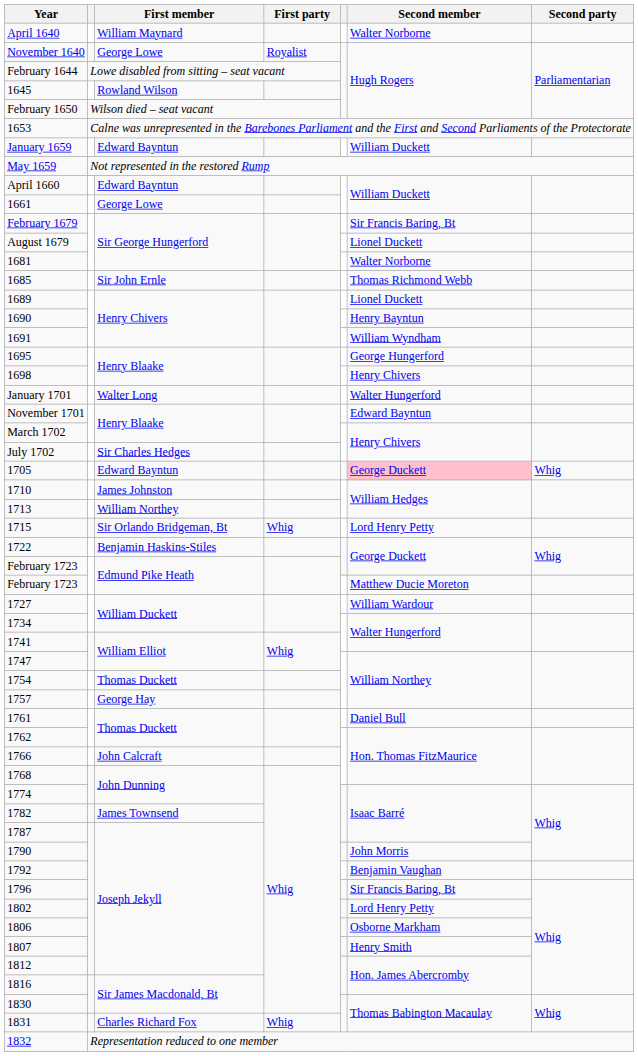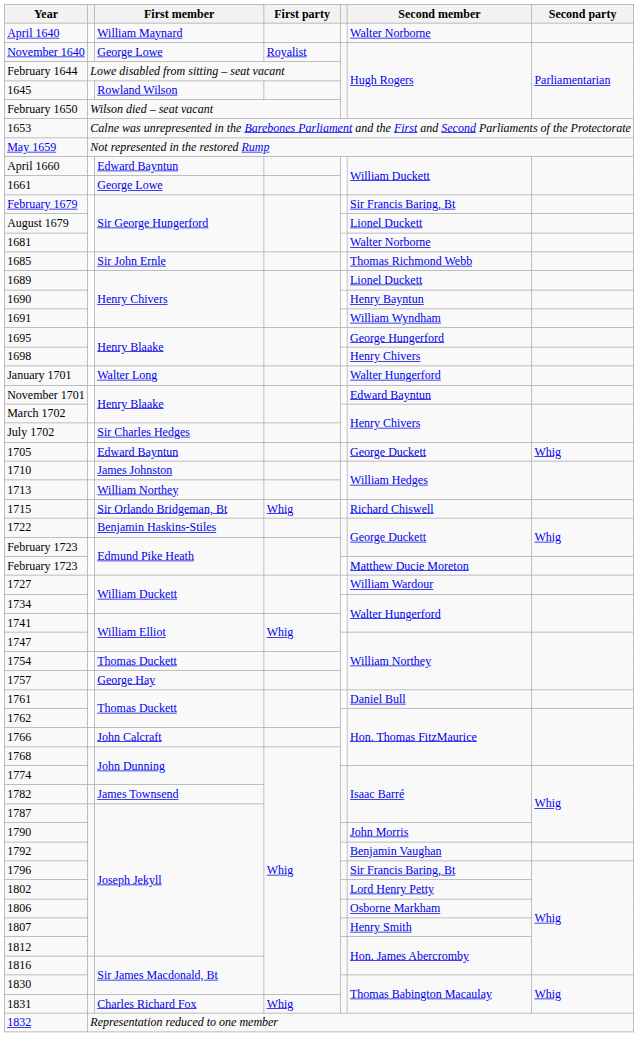 <table class="wikitable">
 <tr>
 <th>Year</th>
 <th></th>
 <th>First member</th>
 <th>First party</th>
 <th></th>
 <th>Second member</th>
 <th>Second party</th>
 </tr>
 <tr>
 <td><a href='#'>April 1640</a></td>
 <td style="color:inherit;background-color: white"></td>
 <td><a href='#'>William Maynard</a></td>
 <td></td>
 <td style="color:inherit;background-color: white"></td>
 <td><a href='#'>Walter Norborne</a></td>
 <td></td>
 </tr>
 <tr>
 <td><a href='#'>November 1640</a></td>
 <td style="color:inherit;background-color: "></td>
 <td><a href='#'>George Lowe</a></td>
 <td><a href='#'>Royalist</a></td>
 <td rowspan="4" style="color:inherit;background-color: "></td>
 <td rowspan="4"><a href='#'>Hugh Rogers</a></td>
 <td rowspan="4"><a href='#'>Parliamentarian</a></td>
 </tr>
 <tr>
 <td>February 1644</td>
 <td colspan="3"><em>Lowe disabled from sitting – seat vacant</em></td>
 </tr>
 <tr>
 <td>1645</td>
 <td style="color:inherit;background-color: white"></td>
 <td><a href='#'>Rowland Wilson</a></td>
 <td></td>
 </tr>
 <tr>
 <td>February 1650</td>
 <td colspan="3"><em>Wilson died – seat vacant</em></td>
 </tr>
 <tr>
 <td>1653</td>
 <td colspan="6"><em>Calne was unrepresented in the <a href='#'>Barebones Parliament</a> and the <a href='#'>First</a> and <a href='#'>Second</a> Parliaments of the Protectorate</em></td>
-</tr>
-<tr>
-<td><a href='#'>January 1659</a></td>
-<td style="color:inherit;background-color: white"></td>
-<td><a href='#'>Edward Bayntun</a></td>
-<td></td>
-<td style="color:inherit;background-color: white"></td>
-<td><a href='#'>William Duckett</a></td>
-<td></td>
 </tr>
 <tr>
 <td><a href='#'>May 1659</a></td>
 <td colspan="6"><em>Not represented in the restored <a href='#'>Rump</a></em></td>
 </tr>
 <tr>
 <td>April 1660</td>
 <td style="color:inherit;background-color: white"></td>
 <td><a href='#'>Edward Bayntun</a></td>
 <td></td>
 <td rowspan="2" style="color:inherit;background-color: white"></td>
 <td rowspan="2"><a href='#'>William Duckett</a></td>
 <td rowspan="2"></td>
 </tr>
 <tr>
 <td>1661</td>
 <td style="color:inherit;background-color: white"></td>
 <td><a href='#'>George Lowe</a></td>
 <td></td>
 </tr>
 <tr>
 <td><a href='#'>February 1679</a></td>
 <td rowspan="3" style="color:inherit;background-color: white"></td>
 <td rowspan="3"><a href='#'>Sir George Hungerford</a></td>
 <td rowspan="3"></td>
 <td style="color:inherit;background-color: white"></td>
 <td><a href='#'>Sir Francis Baring, Bt</a></td>
 <td></td>
 </tr>
 <tr>
 <td>August 1679</td>
 <td style="color:inherit;background-color: white"></td>
 <td><a href='#'>Lionel Duckett</a></td>
 <td></td>
 </tr>
 <tr>
 <td>1681</td>
 <td style="color:inherit;background-color: white"></td>
 <td><a href='#'>Walter Norborne</a></td>
 <td></td>
 </tr>
 <tr>
 <td>1685</td>
 <td style="color:inherit;background-color: white"></td>
 <td><a href='#'>Sir John Ernle</a></td>
 <td></td>
 <td style="color:inherit;background-color: white"></td>
 <td><a href='#'>Thomas Richmond Webb</a></td>
 <td></td>
 </tr>
 <tr>
 <td>1689</td>
 <td rowspan="3" style="color:inherit;background-color: white"></td>
 <td rowspan="3"><a href='#'>Henry Chivers</a></td>
 <td rowspan="3"></td>
 <td style="color:inherit;background-color: white"></td>
 <td><a href='#'>Lionel Duckett</a></td>
 <td></td>
 </tr>
 <tr>
 <td>1690</td>
 <td style="color:inherit;background-color: white"></td>
 <td><a href='#'>Henry Bayntun</a></td>
 <td></td>
 </tr>
 <tr>
 <td>1691</td>
 <td style="color:inherit;background-color: white"></td>
 <td><a href='#'>William Wyndham</a></td>
 <td></td>
 </tr>
 <tr>
 <td>1695</td>
 <td rowspan="2" style="color:inherit;background-color: white"></td>
 <td rowspan="2"><a href='#'>Henry Blaake</a></td>
 <td rowspan="2"></td>
 <td style="color:inherit;background-color: white"></td>
 <td><a href='#'>George Hungerford</a></td>
 <td></td>
 </tr>
 <tr>
 <td>1698</td>
 <td style="color:inherit;background-color: white"></td>
 <td><a href='#'>Henry Chivers</a></td>
 <td></td>
 </tr>
 <tr>
 <td>January 1701</td>
 <td style="color:inherit;background-color: white"></td>
 <td><a href='#'>Walter Long</a></td>
 <td></td>
 <td style="color:inherit;background-color: white"></td>
 <td><a href='#'>Walter Hungerford</a></td>
 <td></td>
 </tr>
 <tr>
 <td>November 1701</td>
 <td rowspan="2" style="color:inherit;background-color: white"></td>
 <td rowspan="2"><a href='#'>Henry Blaake</a></td>
 <td rowspan="2"></td>
 <td style="color:inherit;background-color: white"></td>
 <td><a href='#'>Edward Bayntun</a></td>
 <td></td>
 </tr>
 <tr>
 <td>March 1702</td>
 <td rowspan="2" style="color:inherit;background-color: white"></td>
 <td rowspan="2"><a href='#'>Henry Chivers</a></td>
 <td rowspan="2"></td>
 </tr>
 <tr>
 <td>July 1702</td>
 <td style="color:inherit;background-color: white"></td>
 <td><a href='#'>Sir Charles Hedges</a></td>
 <td></td>
 </tr>
 <tr>
 <td>1705</td>
 <td style="color:inherit;background-color: white"></td>
 <td><a href='#'>Edward Bayntun</a></td>
 <td></td>
 <td style="color:inherit;background-color: "></td>
-<td style="background: pink;"><a href='#'>George Duckett</a></td>
+<td><a href='#'>George Duckett</a></td>
 <td><a href='#'>Whig</a></td>
 </tr>
 <tr>
 <td>1710</td>
 <td style="color:inherit;background-color: white"></td>
 <td><a href='#'>James Johnston</a></td>
 <td></td>
 <td rowspan="2" style="color:inherit;background-color: white"></td>
 <td rowspan="2"><a href='#'>William Hedges</a></td>
 <td rowspan="2"></td>
 </tr>
 <tr>
 <td>1713</td>
 <td style="color:inherit;background-color: white"></td>
 <td><a href='#'>William Northey</a></td>
 <td></td>
 </tr>
 <tr>
 <td>1715</td>
 <td style="color:inherit;background-color: "></td>
 <td><a href='#'>Sir Orlando Bridgeman, Bt</a></td>
 <td> <a href='#'>Whig</a></td>
 <td style="color:inherit;background-color: white"></td>
-<td><a href='#'>Lord Henry Petty</a></td>
+<td><a href='#'>Richard Chiswell</a></td>
 <td></td>
 </tr>
 <tr>
 <td>1722</td>
 <td style="color:inherit;background-color: white"></td>
 <td><a href='#'>Benjamin Haskins-Stiles</a></td>
 <td></td>
 <td rowspan="2" style="color:inherit;background-color: "></td>
 <td rowspan="2"><a href='#'>George Duckett</a></td>
 <td rowspan="2"><a href='#'>Whig</a></td>
 </tr>
 <tr>
 <td>February 1723</td>
 <td rowspan="2" style="color:inherit;background-color: white"></td>
 <td rowspan="2"><a href='#'>Edmund Pike Heath</a></td>
 <td rowspan="2"></td>
 </tr>
 <tr>
 <td>February 1723</td>
 <td style="color:inherit;background-color: white"></td>
 <td><a href='#'>Matthew Ducie Moreton</a></td>
 <td></td>
 </tr>
 <tr>
 <td>1727</td>
 <td rowspan="2" style="color:inherit;background-color: white"></td>
 <td rowspan="2"><a href='#'>William Duckett</a></td>
 <td rowspan="2"></td>
 <td style="color:inherit;background-color: white"></td>
 <td><a href='#'>William Wardour</a></td>
 <td></td>
 </tr>
 <tr>
 <td>1734</td>
 <td rowspan="2" style="color:inherit;background-color: white"></td>
 <td rowspan="2"><a href='#'>Walter Hungerford</a></td>
 <td rowspan="2"></td>
 </tr>
 <tr>
 <td>1741</td>
 <td rowspan="2" style="color:inherit;background-color: "></td>
 <td rowspan="2"><a href='#'>William Elliot</a></td>
 <td rowspan="2"><a href='#'>Whig</a></td>
 </tr>
 <tr>
 <td>1747</td>
 <td rowspan="3" style="color:inherit;background-color: white"></td>
 <td rowspan="3"><a href='#'>William Northey</a></td>
 <td rowspan="3"></td>
 </tr>
 <tr>
 <td>1754</td>
 <td style="color:inherit;background-color: white"></td>
 <td><a href='#'>Thomas Duckett</a></td>
 <td></td>
 </tr>
 <tr>
 <td>1757</td>
 <td style="color:inherit;background-color: white"></td>
 <td><a href='#'>George Hay</a></td>
 <td></td>
 </tr>
 <tr>
 <td>1761</td>
 <td rowspan="2" style="color:inherit;background-color: white"></td>
 <td rowspan="2"><a href='#'>Thomas Duckett</a></td>
 <td rowspan="2"></td>
 <td style="color:inherit;background-color: white"></td>
 <td><a href='#'>Daniel Bull</a></td>
 <td></td>
 </tr>
 <tr>
 <td>1762</td>
 <td rowspan="3" style="color:inherit;background-color: white"></td>
 <td rowspan="3"><a href='#'>Hon. Thomas FitzMaurice</a></td>
 <td rowspan="3"></td>
 </tr>
 <tr>
 <td>1766</td>
 <td style="color:inherit;background-color: white"></td>
 <td><a href='#'>John Calcraft</a></td>
 <td></td>
 </tr>
 <tr>
 <td>1768</td>
 <td rowspan="2" style="color:inherit;background-color: "></td>
 <td rowspan="2"><a href='#'>John Dunning</a></td>
 <td rowspan="13"><a href='#'>Whig</a></td>
 </tr>
 <tr>
 <td>1774</td>
 <td rowspan="3" style="color:inherit;background-color: "></td>
 <td rowspan="3"><a href='#'>Isaac Barré</a></td>
 <td rowspan="4"><a href='#'>Whig</a></td>
 </tr>
 <tr>
 <td>1782</td>
 <td style="color:inherit;background-color: "></td>
 <td><a href='#'>James Townsend</a></td>
 </tr>
 <tr>
 <td>1787</td>
 <td rowspan="8" style="color:inherit;background-color: "></td>
 <td rowspan="8"><a href='#'>Joseph Jekyll</a></td>
 </tr>
 <tr>
 <td>1790</td>
 <td style="color:inherit;background-color: "></td>
 <td><a href='#'>John Morris</a></td>
 </tr>
 <tr>
 <td>1792</td>
 <td style="color:inherit;background-color: white"></td>
 <td><a href='#'>Benjamin Vaughan</a></td>
 <td></td>
 </tr>
 <tr>
 <td>1796</td>
 <td style="color:inherit;background-color: "></td>
 <td><a href='#'>Sir Francis Baring, Bt</a></td>
 <td rowspan="6"><a href='#'>Whig</a></td>
 </tr>
 <tr>
 <td>1802</td>
 <td style="color:inherit;background-color: "></td>
 <td><a href='#'>Lord Henry Petty</a></td>
 </tr>
 <tr>
 <td>1806</td>
 <td style="color:inherit;background-color: "></td>
 <td><a href='#'>Osborne Markham</a></td>
 </tr>
 <tr>
 <td>1807</td>
 <td style="color:inherit;background-color: "></td>
 <td><a href='#'>Henry Smith</a></td>
 </tr>
 <tr>
 <td>1812</td>
 <td rowspan="2" style="color:inherit;background-color: "></td>
 <td rowspan="2"><a href='#'>Hon. James Abercromby</a></td>
 </tr>
 <tr>
 <td>1816</td>
 <td rowspan="2" style="color:inherit;background-color: "></td>
 <td rowspan="2"><a href='#'>Sir James Macdonald, Bt</a></td>
 </tr>
 <tr>
 <td>1830</td>
 <td rowspan="2" style="color:inherit;background-color: "></td>
 <td rowspan="2"><a href='#'>Thomas Babington Macaulay</a></td>
 <td rowspan="2"><a href='#'>Whig</a></td>
 </tr>
 <tr>
 <td>1831</td>
 <td style="color:inherit;background-color: "></td>
 <td><a href='#'>Charles Richard Fox</a></td>
 <td><a href='#'>Whig</a></td>
 </tr>
 <tr>
 <td><a href='#'>1832</a></td>
 <td colspan="6"><em>Representation reduced to one member</em></td>
 </tr>
 </table>
